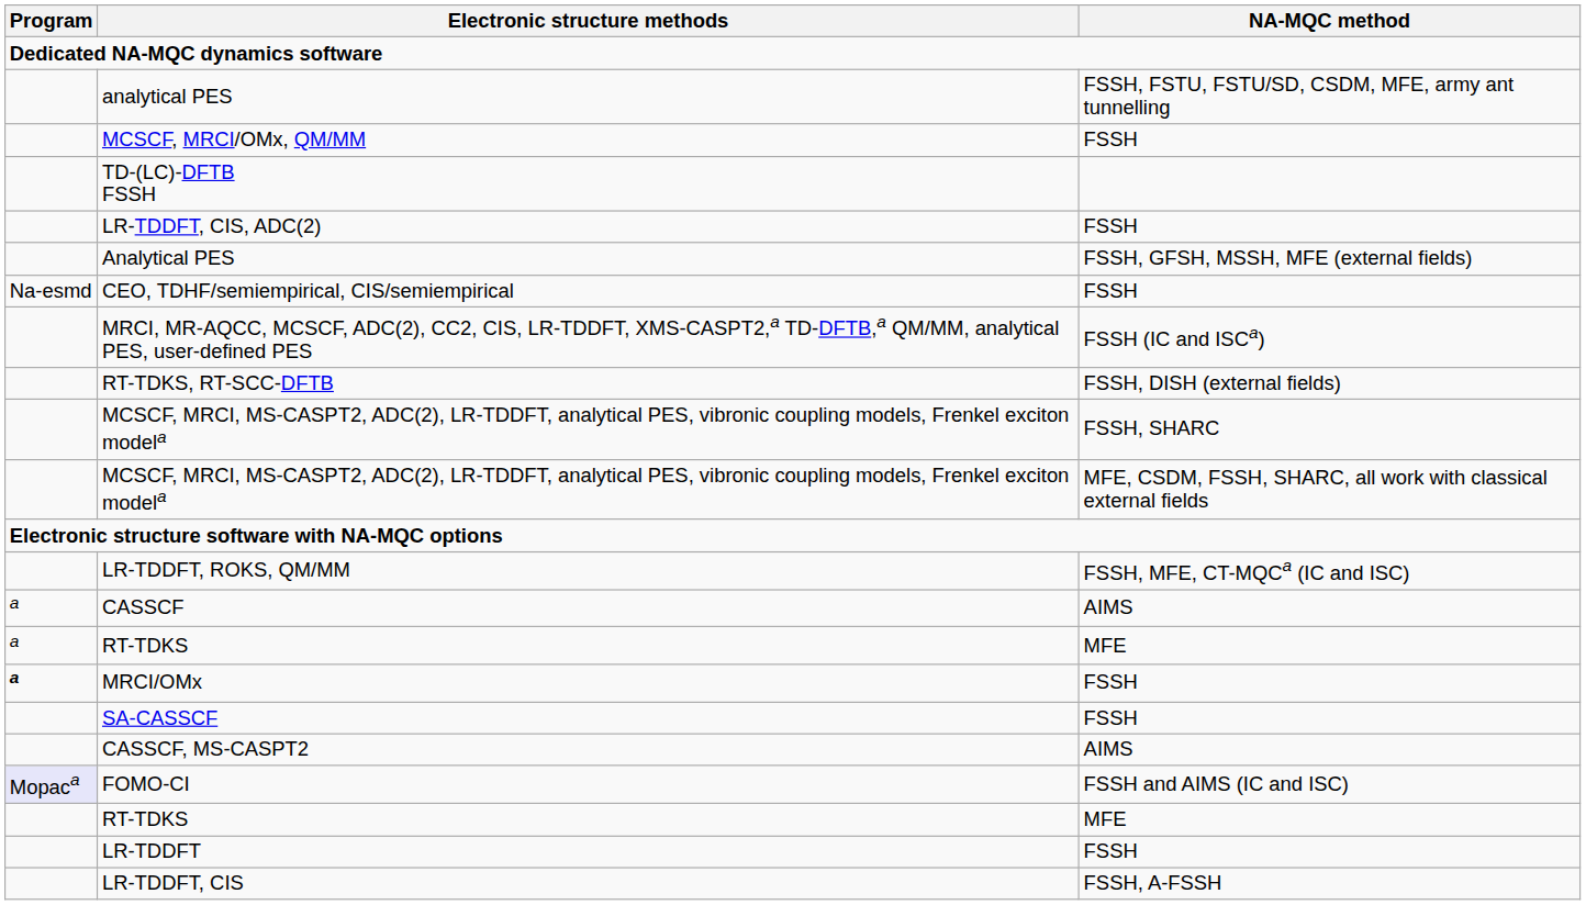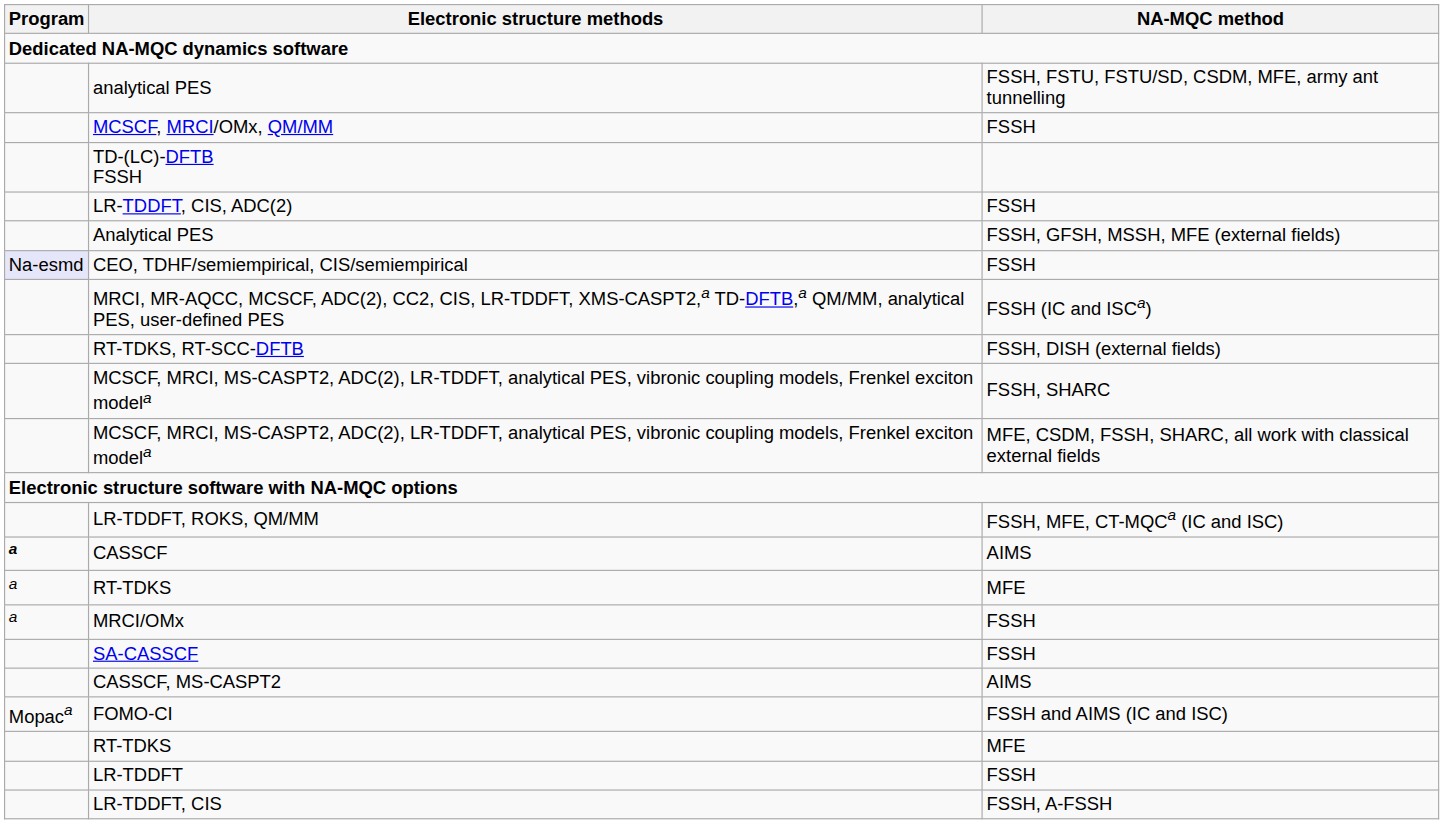 <table class="wikitable">
 <tr>
 <th>Program</th>
 <th>Electronic structure methods</th>
 <th>NA-MQC method</th>
 </tr>
 <tr>
 <td colspan="3"><strong>Dedicated NA-MQC dynamics software</strong></td>
 </tr>
 <tr>
 <td></td>
 <td>analytical PES</td>
 <td>FSSH, FSTU, FSTU/SD, CSDM, MFE, army ant tunnelling</td>
 </tr>
 <tr>
 <td></td>
 <td><a href='#'>MCSCF</a>, <a href='#'>MRCI</a>/OMx, <a href='#'>QM/MM</a></td>
 <td>FSSH</td>
 </tr>
 <tr>
 <td></td>
 <td>TD-(LC)-<a href='#'>DFTB</a><br>FSSH</td>
 </tr>
 <tr>
 <td></td>
 <td>LR-<a href='#'>TDDFT</a>, CIS, ADC(2)</td>
 <td>FSSH</td>
 </tr>
 <tr>
 <td></td>
 <td>Analytical PES</td>
 <td>FSSH, GFSH, MSSH, MFE (external fields)</td>
 </tr>
 <tr>
-<td>Na-esmd</td>
+<td style="background: lavender;">Na-esmd</td>
 <td>CEO, TDHF/semiempirical, CIS/semiempirical</td>
 <td>FSSH</td>
 </tr>
 <tr>
 <td></td>
 <td>MRCI, MR-AQCC, MCSCF, ADC(2), CC2, CIS, LR-TDDFT, XMS-CASPT2,<em><sup>a</sup></em> TD-<a href='#'>DFTB</a>,<em><sup>a</sup></em> QM/MM, analytical PES, user-defined  PES</td>
 <td>FSSH (IC and ISC<em><sup>a</sup></em>)</td>
 </tr>
 <tr>
 <td></td>
 <td>RT-TDKS, RT-SCC-<a href='#'>DFTB</a></td>
 <td>FSSH, DISH (external fields)</td>
 </tr>
 <tr>
 <td></td>
 <td>MCSCF, MRCI, MS-CASPT2, ADC(2), LR-TDDFT, analytical PES, vibronic coupling models, Frenkel exciton model<em><sup>a</sup></em></td>
 <td>FSSH, SHARC</td>
 </tr>
 <tr>
 <td></td>
 <td>MCSCF, MRCI, MS-CASPT2, ADC(2), LR-TDDFT, analytical PES, vibronic coupling models, Frenkel exciton model<em><sup>a</sup></em></td>
 <td>MFE, CSDM, FSSH, SHARC, all work with classical external fields</td>
 </tr>
 <tr>
 <td colspan="3"><strong>Electronic structure software with NA-MQC options</strong></td>
 </tr>
 <tr>
 <td></td>
 <td>LR-TDDFT, ROKS, QM/MM</td>
 <td>FSSH, MFE, CT-MQC<em><sup>a</sup></em> (IC and ISC)</td>
 </tr>
 <tr>
-<td><em><sup>a</sup></em></td>
+<td><strong><em><sup>a</sup></em></strong></td>
 <td>CASSCF</td>
 <td>AIMS</td>
 </tr>
 <tr>
 <td><em><sup>a</sup></em></td>
 <td>RT-TDKS</td>
 <td>MFE</td>
 </tr>
 <tr>
-<td><strong><em><sup>a</sup></em></strong></td>
+<td><em><sup>a</sup></em></td>
 <td>MRCI/OMx</td>
 <td>FSSH</td>
 </tr>
 <tr>
 <td></td>
 <td><a href='#'>SA-CASSCF</a></td>
 <td>FSSH</td>
 </tr>
 <tr>
 <td></td>
 <td>CASSCF, MS-CASPT2</td>
 <td>AIMS</td>
 </tr>
 <tr>
-<td style="background: lavender;">Mopac<em><sup>a</sup></em></td>
+<td>Mopac<em><sup>a</sup></em></td>
 <td>FOMO-CI</td>
 <td>FSSH and AIMS (IC and ISC)</td>
 </tr>
 <tr>
 <td></td>
 <td>RT-TDKS</td>
 <td>MFE</td>
 </tr>
 <tr>
 <td></td>
 <td>LR-TDDFT</td>
 <td>FSSH</td>
 </tr>
 <tr>
 <td></td>
 <td>LR-TDDFT, CIS</td>
 <td>FSSH, A-FSSH</td>
 </tr>
 </table>
